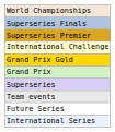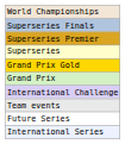 <table class=wikitable style="font-size:85%">
 <tr style="background:#F3E6D7;">
 <td>World Championships</td>
 </tr>
 <tr style="background:#B0C4DE;">
 <td>Superseries Finals</td>
 </tr>
 <tr style="background:#DAA520;">
 <td>Superseries Premier</td>
 </tr>
 <tr style="background:#ffc;">
-<td>International Challenge</td>
+<td>Superseries</td>
 </tr>
 <tr style="background:gold;">
 <td>Grand Prix Gold</td>
 </tr>
 <tr style="background:#D4F1C5;">
 <td>Grand Prix</td>
 </tr>
 <tr style="background:#D8CEF6;">
-<td>Superseries</td>
+<td>International Challenge</td>
 </tr>
 <tr style="background:#E9E9E9;">
 <td>Team events</td>
 </tr>
 <tr style="background:#fff;">
 <td>Future Series</td>
 </tr>
 <tr style="background:#ECF2FF;">
 <td>International Series</td>
 </tr>
 </table>
